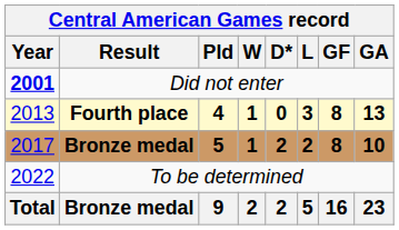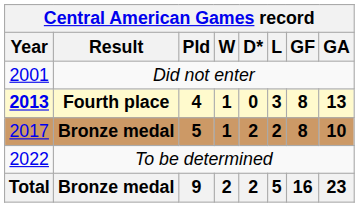 <table class="wikitable" style="text-align: center;">
 <tr>
 <th colspan=8><a href='#'>Central American Games</a> record</th>
 </tr>
 <tr>
 <th>Year</th>
 <th>Result</th>
 <th>Pld</th>
 <th>W</th>
 <th>D*</th>
 <th>L</th>
 <th>GF</th>
 <th>GA</th>
 </tr>
 <tr>
-<td><strong> <a href='#'>2001</a></strong></td>
+<td> <a href='#'>2001</a></td>
 <td colspan=7><em>Did not enter</em></td>
 </tr>
 <tr bgcolor=LemonChiffon>
-<td> <a href='#'>2013</a></td>
+<td><strong> <a href='#'>2013</a></strong></td>
 <td><strong>Fourth place</strong></td>
 <td><strong>4</strong></td>
 <td><strong>1</strong></td>
 <td><strong>0</strong></td>
 <td><strong>3</strong></td>
 <td><strong>8</strong></td>
 <td><strong>13</strong></td>
 </tr>
 <tr bgcolor=cc9966>
 <td> <a href='#'>2017</a></td>
 <td><strong>Bronze medal</strong></td>
 <td><strong>5</strong></td>
 <td><strong>1</strong></td>
 <td><strong>2</strong></td>
 <td><strong>2</strong></td>
 <td><strong>8</strong></td>
 <td><strong>10</strong></td>
 </tr>
 <tr>
 <td> <a href='#'>2022</a></td>
 <td colspan=8><em>To be determined</em></td>
 </tr>
 <tr>
 <th>Total</th>
 <th>Bronze medal</th>
 <th>9</th>
 <th>2</th>
 <th>2</th>
 <th>5</th>
 <th>16</th>
 <th>23</th>
 </tr>
 </table>
